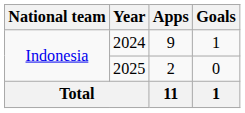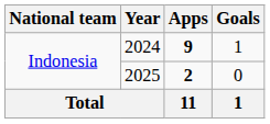 <table class="wikitable" style="text-align:center">
 <tr>
 <th>National team</th>
 <th>Year</th>
 <th>Apps</th>
 <th>Goals</th>
 </tr>
 <tr>
 <td rowspan="2"><a href='#'>Indonesia</a></td>
 <td>2024</td>
-<td>9</td>
+<td><strong>9</strong></td>
 <td>1</td>
 </tr>
 <tr>
 <td>2025</td>
-<td>2</td>
+<td><strong>2</strong></td>
 <td>0</td>
 </tr>
 <tr>
 <th colspan="2">Total</th>
 <th>11</th>
 <th>1</th>
 </tr>
 </table>
